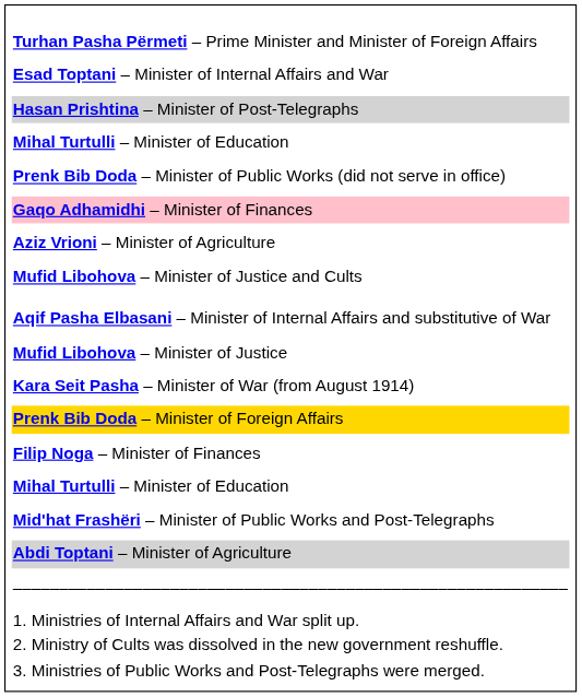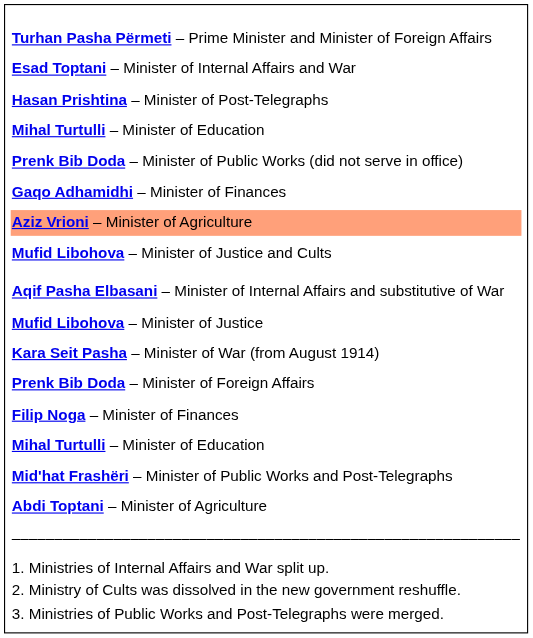 <table cellpadding="1" cellspacing="5" style="border:1px solid #000000; font-size:85%; line-height: 1.5em;">
 <tr>
 <td align="center"></td>
 </tr>
 <tr>
 <td colspan="8" align=center><em></em></td>
 </tr>
 <tr>
 <td><strong><a href='#'>Turhan Pasha Përmeti</a></strong> – Prime Minister and Minister of Foreign Affairs</td>
 </tr>
 <tr>
 <td><strong><a href='#'>Esad Toptani</a></strong> – Minister of Internal Affairs and War</td>
 </tr>
 <tr>
-<td style="background: lightgrey;"><strong><a href='#'>Hasan Prishtina</a></strong> – Minister of Post-Telegraphs</td>
+<td><strong><a href='#'>Hasan Prishtina</a></strong> – Minister of Post-Telegraphs</td>
 </tr>
 <tr>
 <td><strong><a href='#'>Mihal Turtulli</a></strong> – Minister of Education</td>
 </tr>
 <tr>
 <td><strong><a href='#'>Prenk Bib Doda</a></strong> – Minister of Public Works (did not serve in office)</td>
 </tr>
 <tr>
-<td style="background: pink;"><strong><a href='#'>Gaqo Adhamidhi</a></strong> – Minister of Finances</td>
+<td><strong><a href='#'>Gaqo Adhamidhi</a></strong> – Minister of Finances</td>
 </tr>
 <tr>
-<td><strong><a href='#'>Aziz Vrioni</a></strong> – Minister of Agriculture</td>
+<td style="background: lightsalmon;"><strong><a href='#'>Aziz Vrioni</a></strong> – Minister of Agriculture</td>
 </tr>
 <tr>
 <td><strong><a href='#'>Mufid Libohova</a></strong> – Minister of Justice and Cults</td>
 </tr>
 <tr>
 <td colspan="8" align=center> <em></em></td>
 </tr>
 <tr>
 <td><strong><a href='#'>Aqif Pasha Elbasani</a></strong> – Minister of Internal Affairs and substitutive of War</td>
 </tr>
 <tr>
 <td><strong><a href='#'>Mufid Libohova</a></strong> – Minister of Justice</td>
 </tr>
 <tr>
 <td><strong><a href='#'>Kara Seit Pasha</a></strong> – Minister of War (from August 1914)</td>
 </tr>
 <tr>
-<td style="background: gold;"><strong><a href='#'>Prenk Bib Doda</a></strong> – Minister of Foreign Affairs</td>
+<td><strong><a href='#'>Prenk Bib Doda</a></strong> – Minister of Foreign Affairs</td>
 </tr>
 <tr>
 <td><strong><a href='#'>Filip Noga</a></strong> – Minister of Finances</td>
 </tr>
 <tr>
 <td><strong><a href='#'>Mihal Turtulli</a></strong> – Minister of Education</td>
 </tr>
 <tr>
 <td><strong><a href='#'>Mid'hat Frashëri</a></strong> – Minister of Public Works and Post-Telegraphs</td>
 </tr>
 <tr>
-<td style="background: lightgrey;"><strong><a href='#'>Abdi Toptani</a></strong> – Minister of Agriculture</td>
+<td><strong><a href='#'>Abdi Toptani</a></strong> – Minister of Agriculture</td>
 </tr>
 <tr>
 <td>––––––––––––––––––––––––––––––––––––––––––––––––––––––––––––</td>
 </tr>
 <tr>
 <td>1. Ministries of Internal Affairs and War split up. <br> 2. Ministry of Cults was dissolved in the new government reshuffle.<br> 3. Ministries of Public Works and Post-Telegraphs were merged.</td>
 </tr>
 </table>
